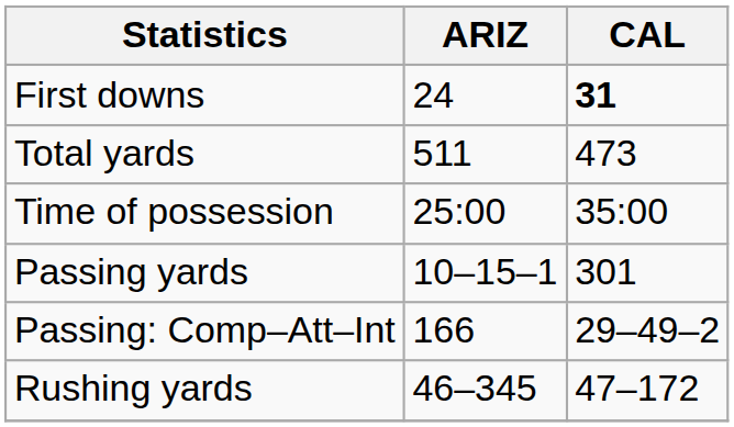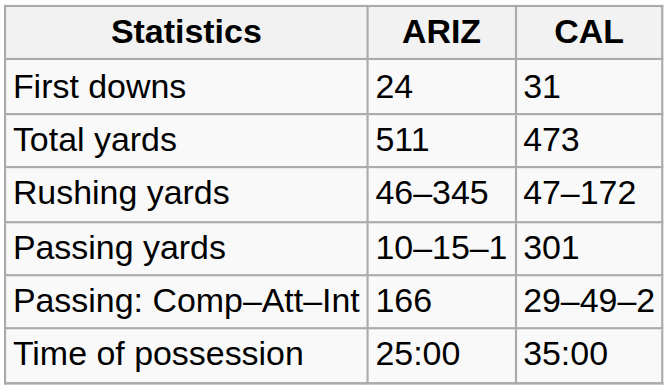 <table class="wikitable" style="float: left;">
 <tr>
 <th>Statistics</th>
 <th>ARIZ</th>
 <th>CAL</th>
 </tr>
 <tr>
 <td>First downs</td>
 <td>24</td>
-<td><strong>31</strong></td>
+<td>31</td>
 </tr>
 <tr>
 <td>Total yards</td>
 <td>511</td>
 <td>473</td>
 </tr>
 <tr>
-<td>Time of possession</td>
-<td>25:00</td>
-<td>35:00</td>
+<td>Rushing yards</td>
+<td>46–345</td>
+<td>47–172</td>
 </tr>
 <tr>
 <td>Passing yards</td>
 <td>10–15–1</td>
 <td>301</td>
 </tr>
 <tr>
 <td>Passing: Comp–Att–Int</td>
 <td>166</td>
 <td>29–49–2</td>
 </tr>
 <tr>
-<td>Rushing yards</td>
-<td>46–345</td>
-<td>47–172</td>
+<td>Time of possession</td>
+<td>25:00</td>
+<td>35:00</td>
 </tr>
 <tr>
 </tr>
 </table>
